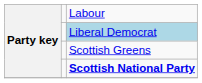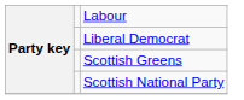 <table class=wikitable>
 <tr>
 <th rowspan="4">Party key</th>
 <td style="background: "></td>
 <td><a href='#'>Labour</a></td>
 </tr>
 <tr>
 <td style="background: "></td>
-<td style="background: lightblue;"><a href='#'>Liberal Democrat</a></td>
+<td><a href='#'>Liberal Democrat</a></td>
 </tr>
 <tr>
 <td style="background: "></td>
 <td><a href='#'>Scottish Greens</a></td>
 </tr>
 <tr>
 <td style="background: "></td>
-<td><strong><a href='#'>Scottish National Party</a></strong></td>
+<td><a href='#'>Scottish National Party</a></td>
 </tr>
 <tr>
 </tr>
 </table>
